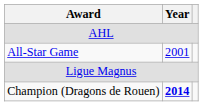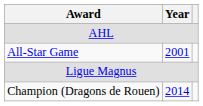 <table class="wikitable">
 <tr>
 <th>Award</th>
 <th>Year</th>
 <th></th>
 </tr>
 <tr ALIGN="center" bgcolor="#e0e0e0">
 <td colspan="3"><a href='#'>AHL</a></td>
 </tr>
 <tr>
 <td><a href='#'>All-Star Game</a></td>
 <td><a href='#'>2001</a></td>
 <td></td>
 </tr>
 <tr ALIGN="center" bgcolor="#e0e0e0">
 <td colspan="3"><a href='#'>Ligue Magnus</a></td>
 </tr>
 <tr>
 <td>Champion (Dragons de Rouen)</td>
-<td><strong><a href='#'>2014</a></strong></td>
+<td><a href='#'>2014</a></td>
 <td></td>
 </tr>
 </table>
